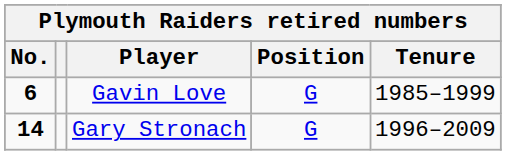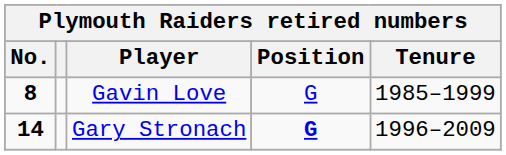 <table class="wikitable" style="text-align:center; font-size:95%;">
 <tr>
 <th colspan="5">Plymouth Raiders retired numbers</th>
 </tr>
 <tr>
 <th>No.</th>
 <th></th>
 <th>Player</th>
 <th>Position</th>
 <th>Tenure</th>
 </tr>
 <tr>
-<td><strong>6</strong></td>
+<td><strong>8</strong></td>
 <td></td>
 <td><a href='#'>Gavin Love</a></td>
 <td><a href='#'>G</a></td>
 <td>1985–1999</td>
 </tr>
 <tr>
 <td><strong>14</strong></td>
 <td></td>
 <td><a href='#'>Gary Stronach</a></td>
-<td><a href='#'>G</a></td>
+<td><strong><a href='#'>G</a></strong></td>
 <td>1996–2009</td>
 </tr>
 </table>
